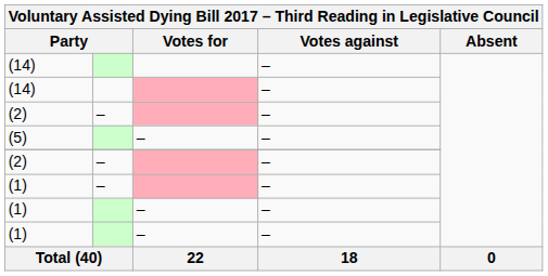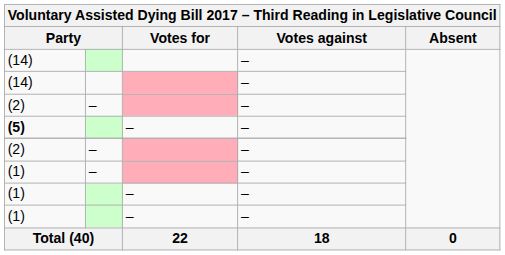 <table class="wikitable mw-collapsible mw-collapsed">
 <tr>
 <th colspan="5">Voluntary Assisted Dying Bill 2017 – Third Reading in Legislative Council</th>
 </tr>
 <tr>
 <th colspan="2">Party</th>
 <th>Votes for</th>
 <th>Votes against</th>
 <th>Absent</th>
 </tr>
 <tr>
 <td> (14)</td>
 <td style="background-color:#CCFFCC;"></td>
 <td></td>
 <td>–</td>
 </tr>
 <tr>
 <td> (14)</td>
 <td></td>
 <td style="background-color:#FFAEB9;"></td>
 <td>–</td>
 </tr>
 <tr>
 <td> (2)</td>
 <td>–</td>
 <td style="background-color:#FFAEB9;"></td>
 <td>–</td>
 </tr>
 <tr>
-<td> (5)</td>
+<td><strong> (5)</strong></td>
 <td style="background-color:#CCFFCC;"></td>
 <td>–</td>
 <td>–</td>
 </tr>
 <tr>
 </tr>
 <tr>
 <td> (2)</td>
 <td>–</td>
 <td style="background-color:#FFAEB9;"></td>
 <td>–</td>
 </tr>
 <tr>
 <td> (1)</td>
 <td>–</td>
 <td style="background-color:#FFAEB9;"></td>
 <td>–</td>
 </tr>
 <tr>
 <td> (1)</td>
 <td style="background-color:#CCFFCC;"></td>
 <td>–</td>
 <td>–</td>
 </tr>
 <tr>
 <td> (1)</td>
 <td style="background-color:#CCFFCC;"></td>
 <td>–</td>
 <td>–</td>
 </tr>
 <tr>
 <th colspan=2>Total (40)</th>
 <th>22</th>
 <th>18</th>
 <th>0</th>
 </tr>
 </table>
